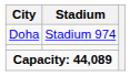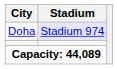 <table class="wikitable" style="margin:1em auto; text-align:center;">
 <tr>
 <th>City</th>
 <th>Stadium</th>
 <th rowspan="4"></th>
 </tr>
 <tr>
 <td><a href='#'>Doha</a></td>
-<td><a href='#'>Stadium 974</a></td>
+<td style="background: lavender;"><a href='#'>Stadium 974</a></td>
 </tr>
 <tr>
 <td></td>
 <td></td>
 </tr>
 <tr>
 <td colspan="2"><strong>Capacity: 44,089</strong></td>
 </tr>
 </table>
